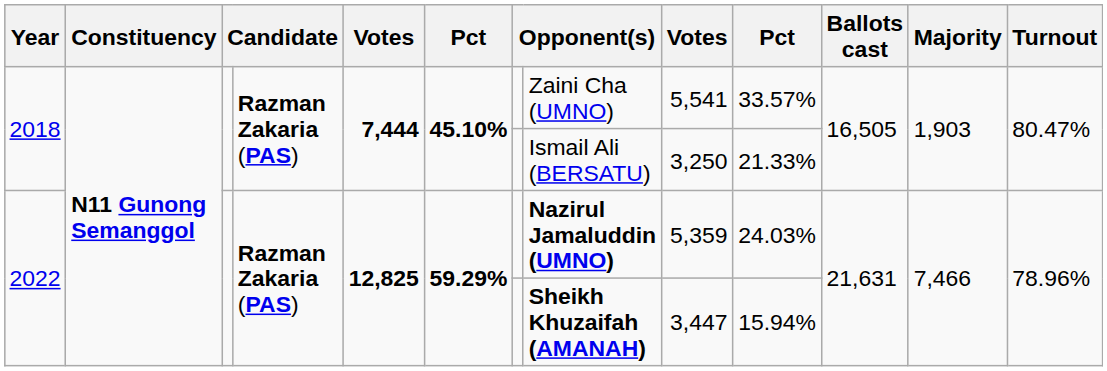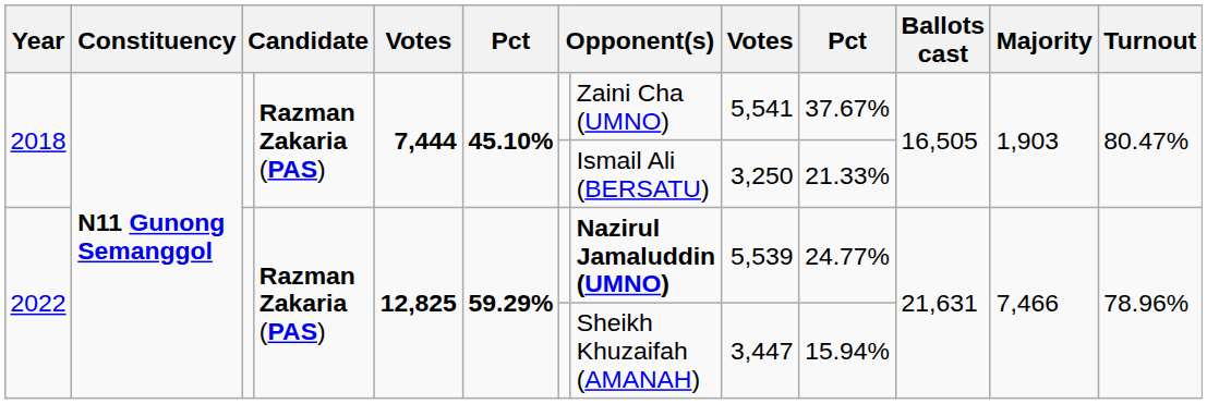 <table class="wikitable" style="margin:0.5em ; font-size:95%">
 <tr>
 <th>Year</th>
 <th>Constituency</th>
 <th colspan=2>Candidate</th>
 <th>Votes</th>
 <th>Pct</th>
 <th colspan=2>Opponent(s)</th>
 <th>Votes</th>
 <th>Pct</th>
 <th>Ballots cast</th>
 <th>Majority</th>
 <th>Turnout</th>
 </tr>
 <tr>
 <td rowspan=2><a href='#'>2018</a></td>
 <td rowspan="4"><strong>N11 <a href='#'>Gunong Semanggol</a></strong></td>
 <td rowspan=2 ></td>
 <td rowspan=2><strong>Razman Zakaria</strong> (<a href='#'><strong>PAS</strong></a>)</td>
 <td rowspan=2 align="right"><strong>7,444</strong></td>
 <td rowspan=2><strong>45.10%</strong></td>
 <td></td>
 <td>Zaini Cha (<a href='#'>UMNO</a>)</td>
 <td align="right">5,541</td>
-<td>33.57%</td>
+<td>37.67%</td>
 <td rowspan=2>16,505</td>
 <td rowspan=2>1,903</td>
 <td rowspan=2>80.47%</td>
 </tr>
 <tr>
 <td></td>
 <td>Ismail Ali (<a href='#'>BERSATU</a>)</td>
 <td align="right">3,250</td>
 <td>21.33%</td>
 </tr>
 <tr>
 <td rowspan="2"><a href='#'>2022</a></td>
 <td rowspan="2"></td>
 <td rowspan="2"><strong>Razman Zakaria</strong> (<a href='#'><strong>PAS</strong></a>)</td>
 <td rowspan="2"><strong>12,825</strong></td>
 <td rowspan="2"><strong>59.29%</strong></td>
 <td></td>
 <td><strong>Nazirul Jamaluddin (<a href='#'>UMNO</a>)</strong></td>
-<td align="right">5,359</td>
-<td>24.03%</td>
+<td align="right">5,539</td>
+<td>24.77%</td>
 <td rowspan="2">21,631</td>
 <td rowspan="2">7,466</td>
 <td rowspan="2">78.96%</td>
 </tr>
 <tr>
 <td></td>
-<td><strong>Sheikh Khuzaifah (<a href='#'>AMANAH</a>)</strong></td>
+<td>Sheikh Khuzaifah (<a href='#'>AMANAH</a>)</td>
 <td align="right">3,447</td>
 <td>15.94%</td>
 </tr>
 </table>
